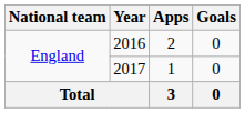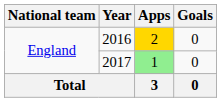 <table class="wikitable" style="text-align: center;">
 <tr>
 <th>National team</th>
 <th>Year</th>
 <th>Apps</th>
 <th>Goals</th>
 </tr>
 <tr>
 <td rowspan="2"><a href='#'>England</a></td>
 <td>2016</td>
-<td>2</td>
+<td style="background: gold;">2</td>
 <td>0</td>
 </tr>
 <tr>
 <td>2017</td>
-<td>1</td>
+<td style="background: lightgreen;">1</td>
 <td>0</td>
 </tr>
 <tr>
 <th colspan="2">Total</th>
 <th>3</th>
 <th>0</th>
 </tr>
 </table>
